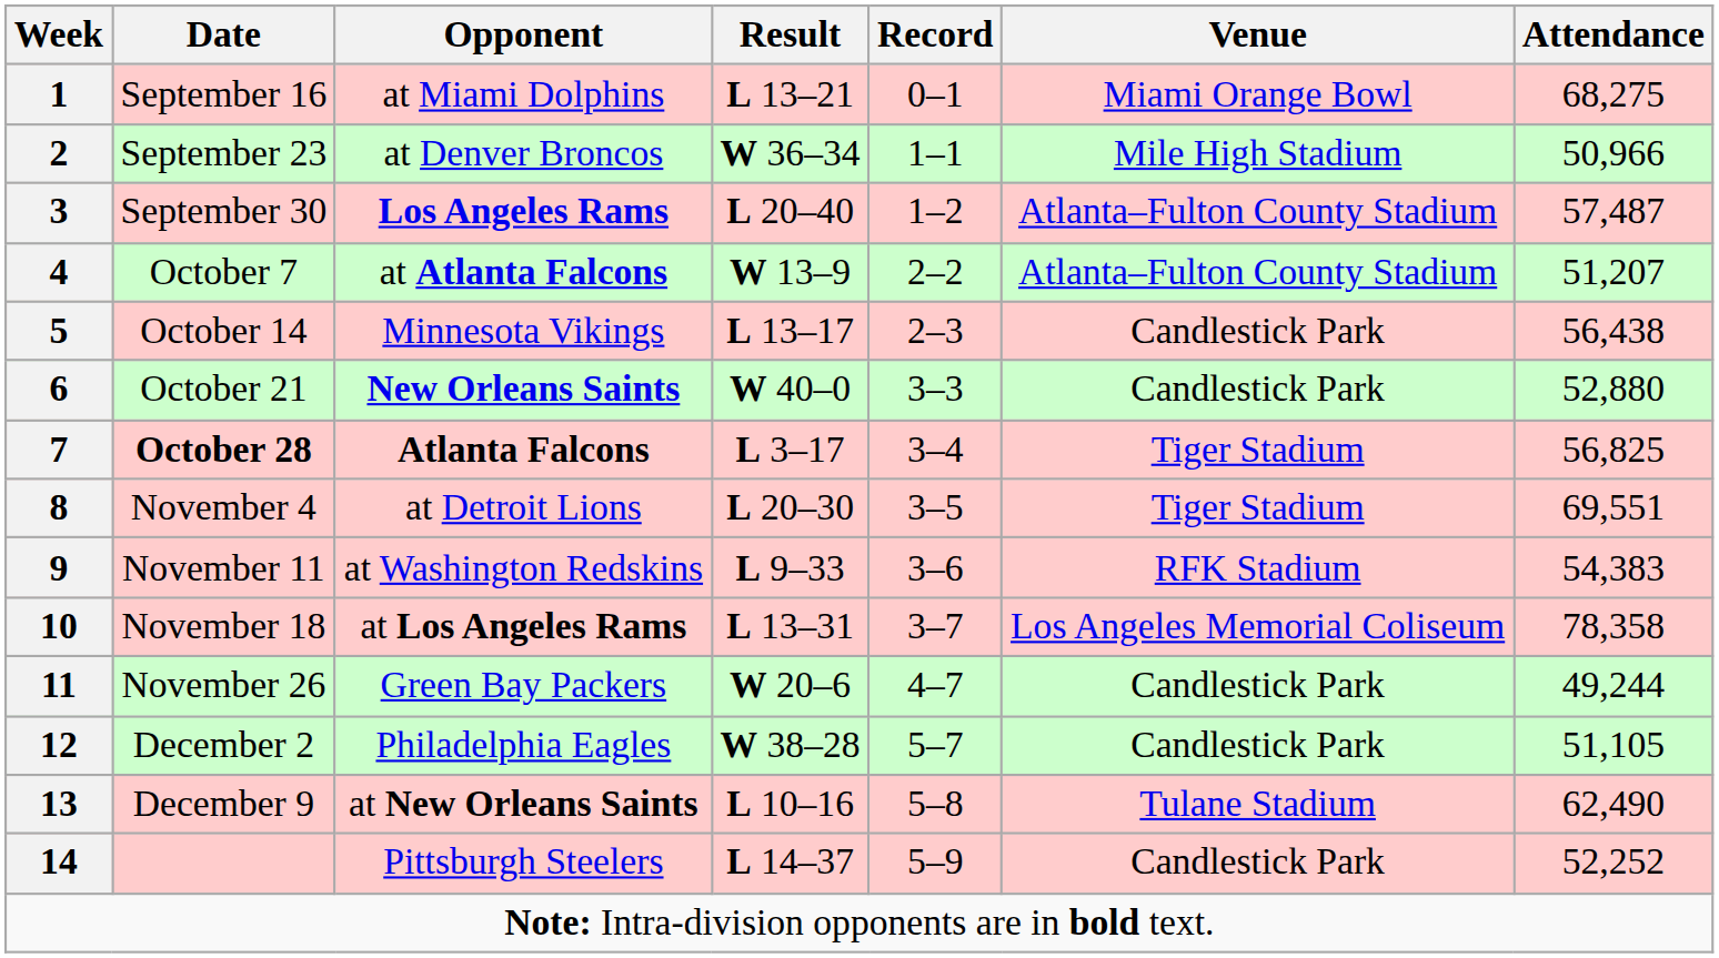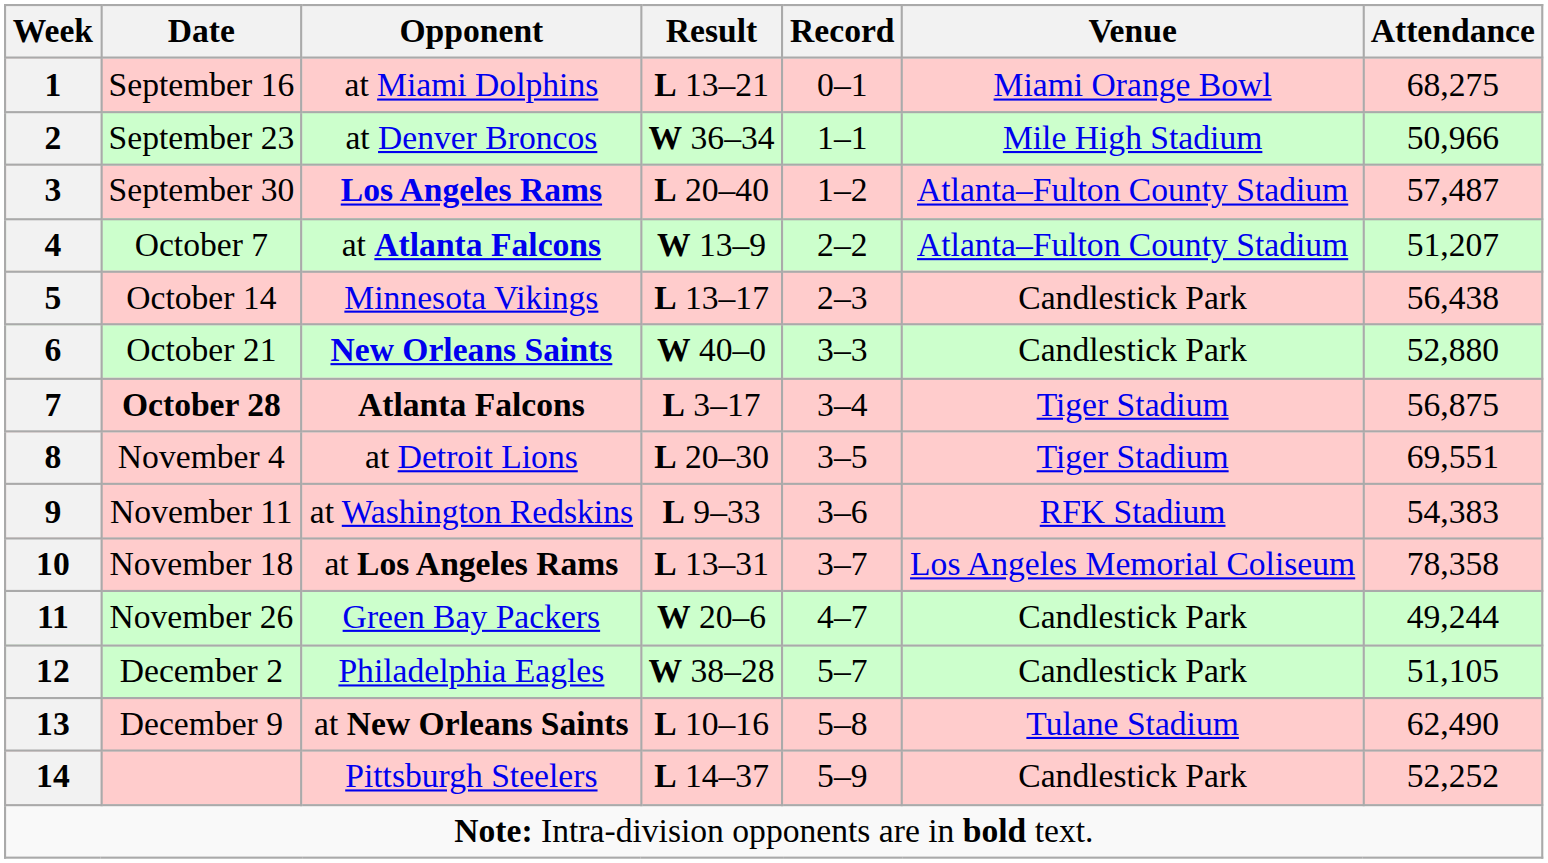 <table class="wikitable" style="text-align:center">
 <tr>
 <th>Week</th>
 <th>Date</th>
 <th>Opponent</th>
 <th>Result</th>
 <th>Record</th>
 <th>Venue</th>
 <th>Attendance</th>
 </tr>
 <tr style="background:#fcc">
 <th>1</th>
 <td>September 16</td>
 <td>at <a href='#'>Miami Dolphins</a></td>
 <td><strong>L</strong> 13–21</td>
 <td>0–1</td>
 <td><a href='#'>Miami Orange Bowl</a></td>
 <td>68,275</td>
 </tr>
 <tr style="background:#cfc">
 <th>2</th>
 <td>September 23</td>
 <td>at <a href='#'>Denver Broncos</a></td>
 <td><strong>W</strong> 36–34</td>
 <td>1–1</td>
 <td><a href='#'>Mile High Stadium</a></td>
 <td>50,966</td>
 </tr>
 <tr style="background:#fcc">
 <th>3</th>
 <td>September 30</td>
 <td><strong><a href='#'>Los Angeles Rams</a></strong></td>
 <td><strong>L</strong> 20–40</td>
 <td>1–2</td>
 <td><a href='#'>Atlanta–Fulton County Stadium</a></td>
 <td>57,487</td>
 </tr>
 <tr style="background:#cfc">
 <th>4</th>
 <td>October 7</td>
 <td>at <strong><a href='#'>Atlanta Falcons</a></strong></td>
 <td><strong>W</strong> 13–9</td>
 <td>2–2</td>
 <td><a href='#'>Atlanta–Fulton County Stadium</a></td>
 <td>51,207</td>
 </tr>
 <tr style="background:#fcc">
 <th>5</th>
 <td>October 14</td>
 <td><a href='#'>Minnesota Vikings</a></td>
 <td><strong>L</strong> 13–17</td>
 <td>2–3</td>
 <td>Candlestick Park</td>
 <td>56,438</td>
 </tr>
 <tr style="background:#cfc">
 <th>6</th>
 <td>October 21</td>
 <td><strong><a href='#'>New Orleans Saints</a></strong></td>
 <td><strong>W</strong> 40–0</td>
 <td>3–3</td>
 <td>Candlestick Park</td>
 <td>52,880</td>
 </tr>
 <tr style="background:#fcc">
 <th>7</th>
 <td><strong>October 28</strong></td>
 <td><strong>Atlanta Falcons</strong></td>
 <td><strong>L</strong> 3–17</td>
 <td>3–4</td>
 <td><a href='#'>Tiger Stadium</a></td>
-<td>56,825</td>
+<td>56,875</td>
 </tr>
 <tr style="background:#fcc">
 <th>8</th>
 <td>November 4</td>
 <td>at <a href='#'>Detroit Lions</a></td>
 <td><strong>L</strong> 20–30</td>
 <td>3–5</td>
 <td><a href='#'>Tiger Stadium</a></td>
 <td>69,551</td>
 </tr>
 <tr style="background:#fcc">
 <th>9</th>
 <td>November 11</td>
 <td>at <a href='#'>Washington Redskins</a></td>
 <td><strong>L</strong> 9–33</td>
 <td>3–6</td>
 <td><a href='#'>RFK Stadium</a></td>
 <td>54,383</td>
 </tr>
 <tr style="background:#fcc">
 <th>10</th>
 <td>November 18</td>
 <td>at <strong>Los Angeles Rams</strong></td>
 <td><strong>L</strong> 13–31</td>
 <td>3–7</td>
 <td><a href='#'>Los Angeles Memorial Coliseum</a></td>
 <td>78,358</td>
 </tr>
 <tr style="background:#cfc">
 <th>11</th>
 <td>November 26</td>
 <td><a href='#'>Green Bay Packers</a></td>
 <td><strong>W</strong> 20–6</td>
 <td>4–7</td>
 <td>Candlestick Park</td>
 <td>49,244</td>
 </tr>
 <tr style="background:#cfc">
 <th>12</th>
 <td>December 2</td>
 <td><a href='#'>Philadelphia Eagles</a></td>
 <td><strong>W</strong> 38–28</td>
 <td>5–7</td>
 <td>Candlestick Park</td>
 <td>51,105</td>
 </tr>
 <tr style="background:#fcc">
 <th>13</th>
 <td>December 9</td>
 <td>at <strong>New Orleans Saints</strong></td>
 <td><strong>L</strong> 10–16</td>
 <td>5–8</td>
 <td><a href='#'>Tulane Stadium</a></td>
 <td>62,490</td>
 </tr>
 <tr style="background:#fcc">
 <th>14</th>
 <td></td>
 <td><a href='#'>Pittsburgh Steelers</a></td>
 <td><strong>L</strong> 14–37</td>
 <td>5–9</td>
 <td>Candlestick Park</td>
 <td>52,252</td>
 </tr>
 <tr>
 <td colspan="8"><strong>Note:</strong> Intra-division opponents are in <strong>bold</strong> text.</td>
 </tr>
 </table>
